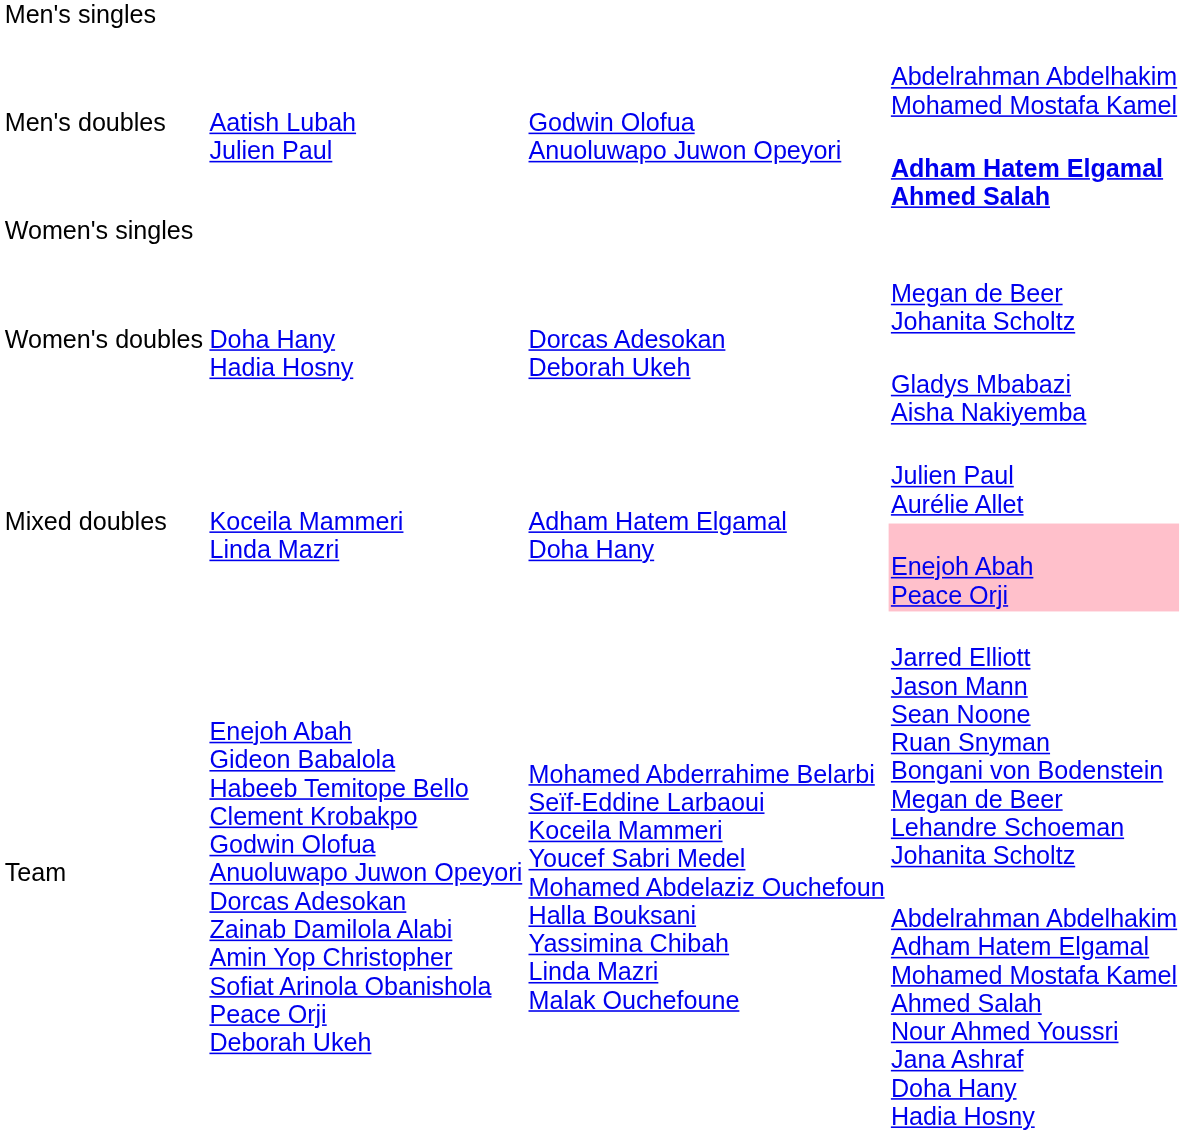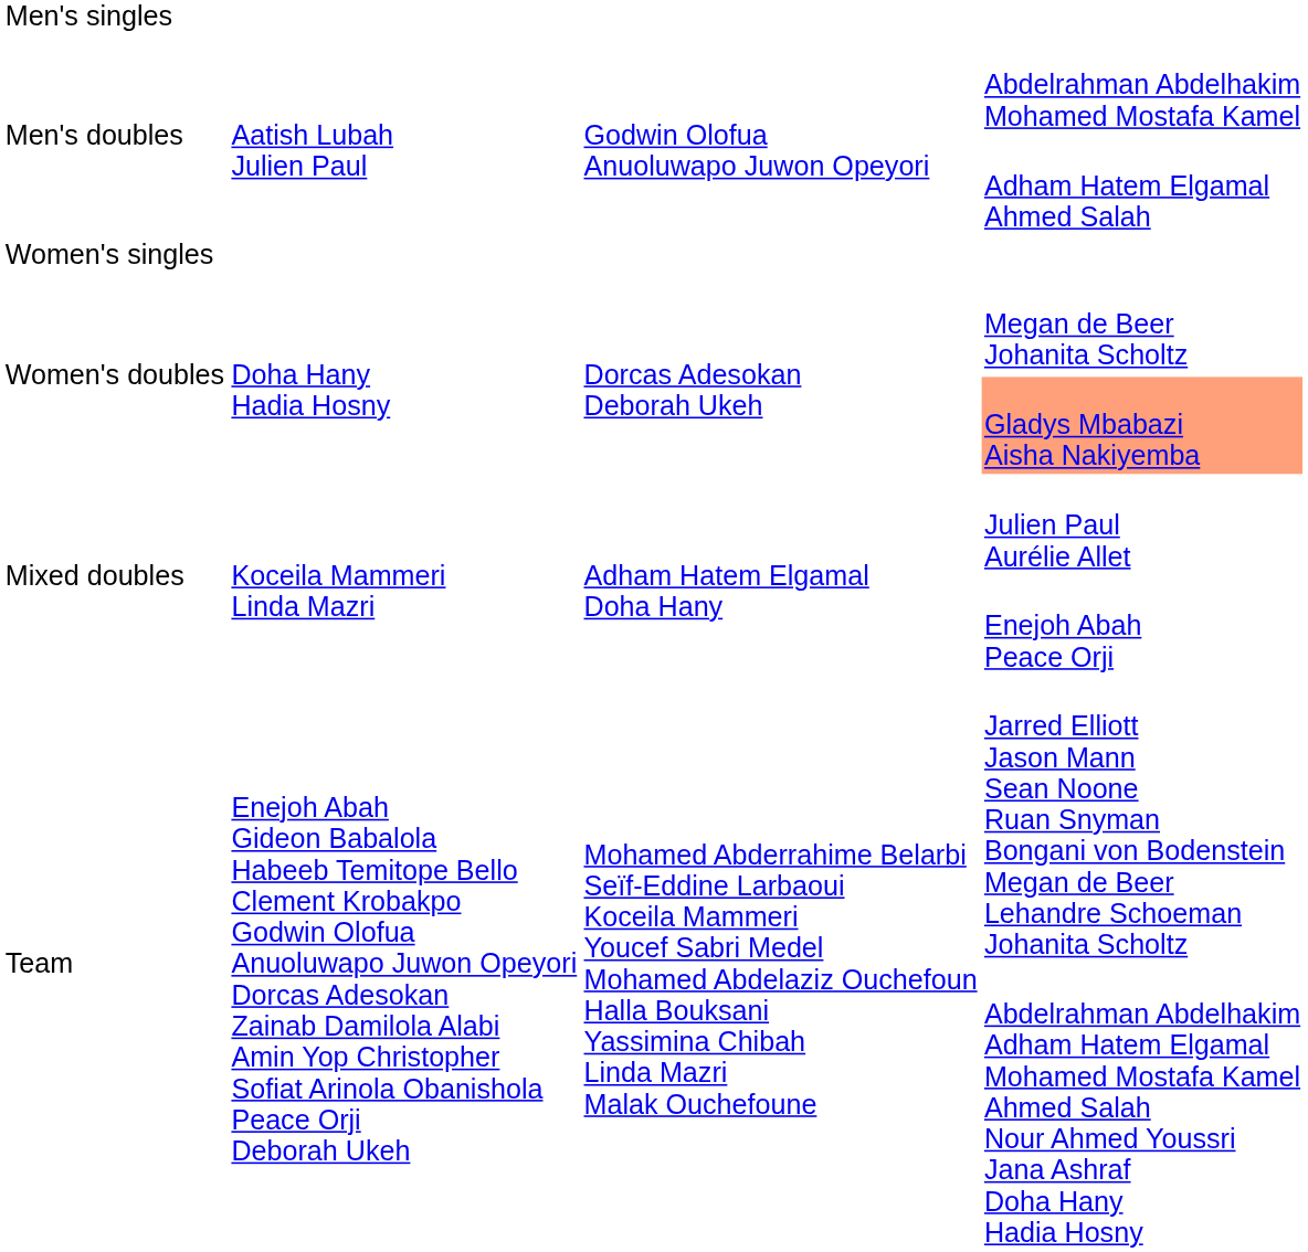 <table>
 <tr>
 <td rowspan=2>Men's singles</td>
 <td rowspan=2></td>
 <td rowspan=2></td>
 <td></td>
 </tr>
 <tr>
 <td></td>
 </tr>
 <tr>
 <td rowspan=2>Men's doubles</td>
 <td rowspan=2><br><a href='#'>Aatish Lubah</a><br><a href='#'>Julien Paul</a></td>
 <td rowspan=2><br><a href='#'>Godwin Olofua</a><br><a href='#'>Anuoluwapo Juwon Opeyori</a></td>
 <td><br><a href='#'>Abdelrahman Abdelhakim</a><br><a href='#'>Mohamed Mostafa Kamel</a></td>
 </tr>
 <tr>
-<td><strong><br><a href='#'>Adham Hatem Elgamal</a><br><a href='#'>Ahmed Salah</a></strong></td>
+<td><br><a href='#'>Adham Hatem Elgamal</a><br><a href='#'>Ahmed Salah</a></td>
 </tr>
 <tr>
 <td rowspan=2>Women's singles</td>
 <td rowspan=2></td>
 <td rowspan=2></td>
 <td></td>
 </tr>
 <tr>
 <td></td>
 </tr>
 <tr>
 <td rowspan=2>Women's doubles</td>
 <td rowspan=2><br><a href='#'>Doha Hany</a><br><a href='#'>Hadia Hosny</a></td>
 <td rowspan=2><br><a href='#'>Dorcas Adesokan</a><br><a href='#'>Deborah Ukeh</a></td>
 <td><br><a href='#'>Megan de Beer</a><br><a href='#'>Johanita Scholtz</a></td>
 </tr>
 <tr>
-<td><br><a href='#'>Gladys Mbabazi</a><br><a href='#'>Aisha Nakiyemba</a></td>
+<td style="background: lightsalmon;"><br><a href='#'>Gladys Mbabazi</a><br><a href='#'>Aisha Nakiyemba</a></td>
 </tr>
 <tr>
 <td rowspan=2>Mixed doubles</td>
 <td rowspan=2><br><a href='#'>Koceila Mammeri</a><br><a href='#'>Linda Mazri</a></td>
 <td rowspan=2><br><a href='#'>Adham Hatem Elgamal</a><br><a href='#'>Doha Hany</a></td>
 <td><br><a href='#'>Julien Paul</a><br><a href='#'>Aurélie Allet</a></td>
 </tr>
 <tr>
-<td style="background: pink;"><br><a href='#'>Enejoh Abah</a><br><a href='#'>Peace Orji</a></td>
+<td><br><a href='#'>Enejoh Abah</a><br><a href='#'>Peace Orji</a></td>
 </tr>
 <tr>
 <td rowspan=2>Team</td>
 <td rowspan=2><br><a href='#'>Enejoh Abah</a><br><a href='#'>Gideon Babalola</a><br><a href='#'>Habeeb Temitope Bello</a><br><a href='#'>Clement Krobakpo</a><br><a href='#'>Godwin Olofua</a><br><a href='#'>Anuoluwapo Juwon Opeyori</a><br><a href='#'>Dorcas Adesokan</a><br><a href='#'>Zainab Damilola Alabi</a><br><a href='#'>Amin Yop Christopher</a><br><a href='#'>Sofiat Arinola Obanishola</a><br><a href='#'>Peace Orji</a><br><a href='#'>Deborah Ukeh</a></td>
 <td rowspan=2><br><a href='#'>Mohamed Abderrahime Belarbi</a><br><a href='#'>Seïf-Eddine Larbaoui</a><br><a href='#'>Koceila Mammeri</a><br><a href='#'>Youcef Sabri Medel</a><br><a href='#'>Mohamed Abdelaziz Ouchefoun</a><br><a href='#'>Halla Bouksani</a><br><a href='#'>Yassimina Chibah</a><br><a href='#'>Linda Mazri</a><br><a href='#'>Malak Ouchefoune</a></td>
 <td><br><a href='#'>Jarred Elliott</a><br><a href='#'>Jason Mann</a><br><a href='#'>Sean Noone</a><br><a href='#'>Ruan Snyman</a><br><a href='#'>Bongani von Bodenstein</a><br><a href='#'>Megan de Beer</a><br><a href='#'>Lehandre Schoeman</a><br><a href='#'>Johanita Scholtz</a></td>
 </tr>
 <tr>
 <td><br><a href='#'>Abdelrahman Abdelhakim</a><br><a href='#'>Adham Hatem Elgamal</a><br><a href='#'>Mohamed Mostafa Kamel</a><br><a href='#'>Ahmed Salah</a><br><a href='#'>Nour Ahmed Youssri</a><br><a href='#'>Jana Ashraf</a><br><a href='#'>Doha Hany</a><br><a href='#'>Hadia Hosny</a></td>
 </tr>
 </table>
